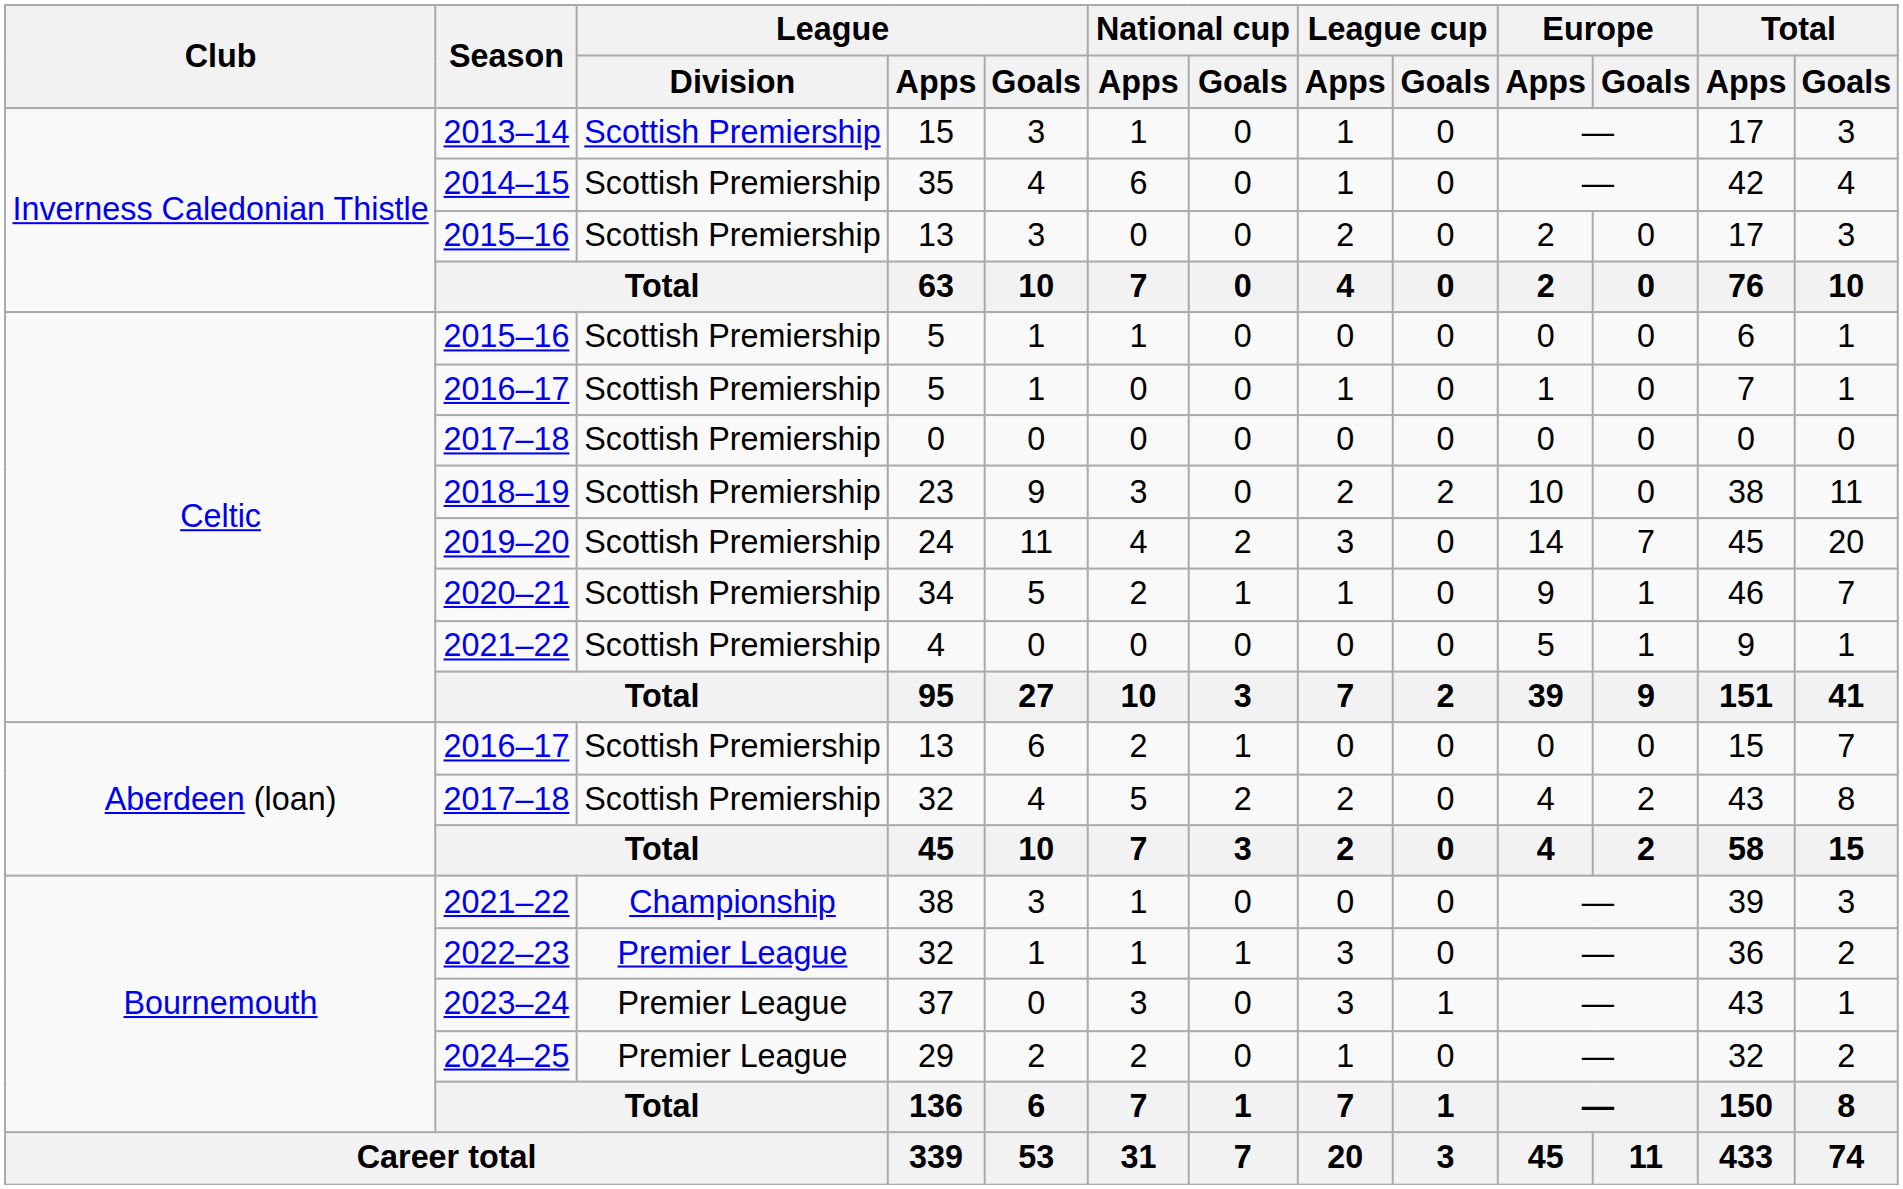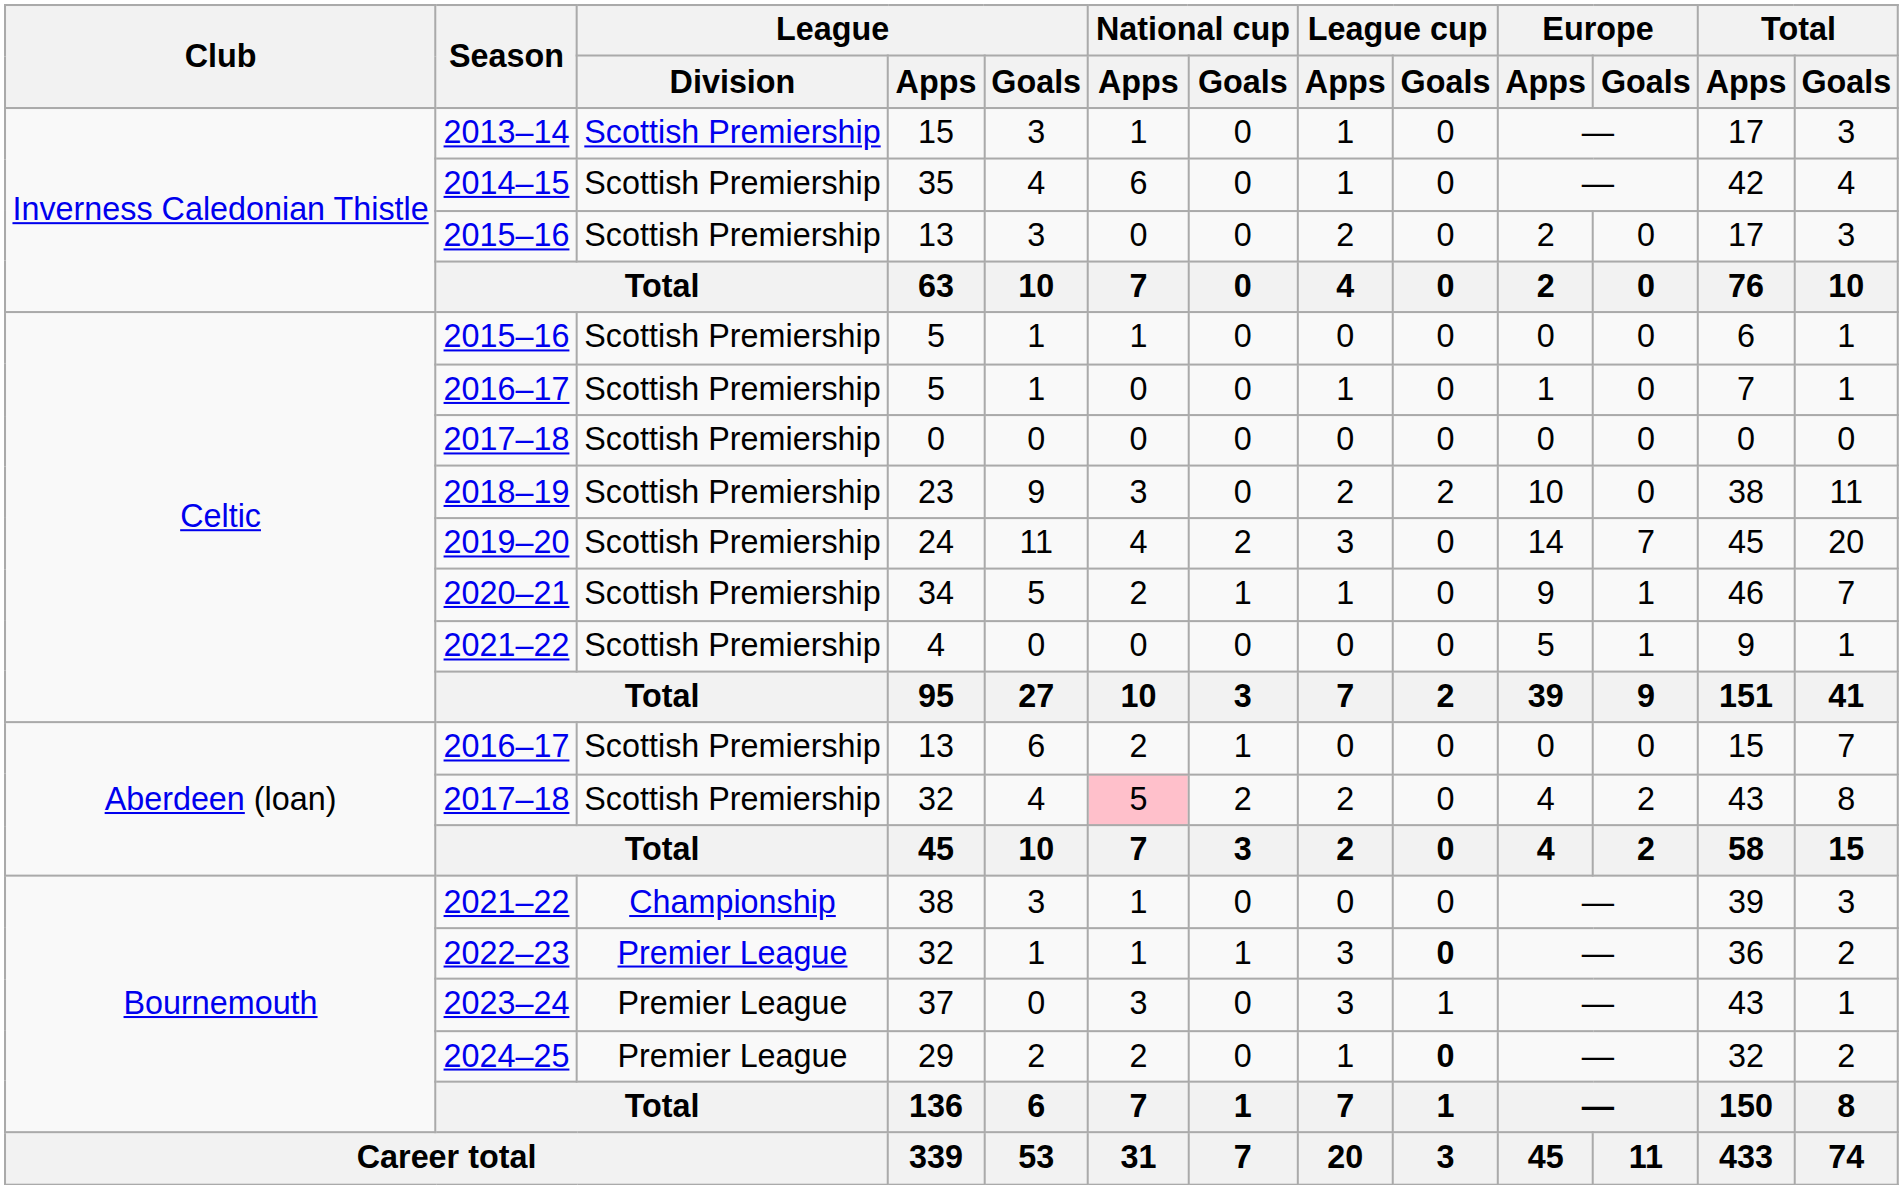 <table class="wikitable" style="text-align: center;">
 <tr>
 <th rowspan="2">Club</th>
 <th rowspan="2">Season</th>
 <th colspan="3">League</th>
 <th colspan="2">National cup</th>
 <th colspan="2">League cup</th>
 <th colspan="2">Europe</th>
 <th colspan="2">Total</th>
 </tr>
 <tr>
 <th>Division</th>
 <th>Apps</th>
 <th>Goals</th>
 <th>Apps</th>
 <th>Goals</th>
 <th>Apps</th>
 <th>Goals</th>
 <th>Apps</th>
 <th>Goals</th>
 <th>Apps</th>
 <th>Goals</th>
 </tr>
 <tr>
 <td rowspan="4"><a href='#'>Inverness Caledonian Thistle</a></td>
 <td><a href='#'>2013–14</a></td>
 <td><a href='#'>Scottish Premiership</a></td>
 <td>15</td>
 <td>3</td>
 <td>1</td>
 <td>0</td>
 <td>1</td>
 <td>0</td>
 <td colspan="2">—</td>
 <td>17</td>
 <td>3</td>
 </tr>
 <tr>
 <td><a href='#'>2014–15</a></td>
 <td>Scottish Premiership</td>
 <td>35</td>
 <td>4</td>
 <td>6</td>
 <td>0</td>
 <td>1</td>
 <td>0</td>
 <td colspan="2">—</td>
 <td>42</td>
 <td>4</td>
 </tr>
 <tr>
 <td><a href='#'>2015–16</a></td>
 <td>Scottish Premiership</td>
 <td>13</td>
 <td>3</td>
 <td>0</td>
 <td>0</td>
 <td>2</td>
 <td>0</td>
 <td>2</td>
 <td>0</td>
 <td>17</td>
 <td>3</td>
 </tr>
 <tr>
 <th colspan="2">Total</th>
 <th>63</th>
 <th>10</th>
 <th>7</th>
 <th>0</th>
 <th>4</th>
 <th>0</th>
 <th>2</th>
 <th>0</th>
 <th>76</th>
 <th>10</th>
 </tr>
 <tr>
 <td rowspan="8"><a href='#'>Celtic</a></td>
 <td><a href='#'>2015–16</a></td>
 <td>Scottish Premiership</td>
 <td>5</td>
 <td>1</td>
 <td>1</td>
 <td>0</td>
 <td>0</td>
 <td>0</td>
 <td>0</td>
 <td>0</td>
 <td>6</td>
 <td>1</td>
 </tr>
 <tr>
 <td><a href='#'>2016–17</a></td>
 <td>Scottish Premiership</td>
 <td>5</td>
 <td>1</td>
 <td>0</td>
 <td>0</td>
 <td>1</td>
 <td>0</td>
 <td>1</td>
 <td>0</td>
 <td>7</td>
 <td>1</td>
 </tr>
 <tr>
 <td><a href='#'>2017–18</a></td>
 <td>Scottish Premiership</td>
 <td>0</td>
 <td>0</td>
 <td>0</td>
 <td>0</td>
 <td>0</td>
 <td>0</td>
 <td>0</td>
 <td>0</td>
 <td>0</td>
 <td>0</td>
 </tr>
 <tr>
 <td><a href='#'>2018–19</a></td>
 <td>Scottish Premiership</td>
 <td>23</td>
 <td>9</td>
 <td>3</td>
 <td>0</td>
 <td>2</td>
 <td>2</td>
 <td>10</td>
 <td>0</td>
 <td>38</td>
 <td>11</td>
 </tr>
 <tr>
 <td><a href='#'>2019–20</a></td>
 <td>Scottish Premiership</td>
 <td>24</td>
 <td>11</td>
 <td>4</td>
 <td>2</td>
 <td>3</td>
 <td>0</td>
 <td>14</td>
 <td>7</td>
 <td>45</td>
 <td>20</td>
 </tr>
 <tr>
 <td><a href='#'>2020–21</a></td>
 <td>Scottish Premiership</td>
 <td>34</td>
 <td>5</td>
 <td>2</td>
 <td>1</td>
 <td>1</td>
 <td>0</td>
 <td>9</td>
 <td>1</td>
 <td>46</td>
 <td>7</td>
 </tr>
 <tr>
 <td><a href='#'>2021–22</a></td>
 <td>Scottish Premiership</td>
 <td>4</td>
 <td>0</td>
 <td>0</td>
 <td>0</td>
 <td>0</td>
 <td>0</td>
 <td>5</td>
 <td>1</td>
 <td>9</td>
 <td>1</td>
 </tr>
 <tr>
 <th colspan="2">Total</th>
 <th>95</th>
 <th>27</th>
 <th>10</th>
 <th>3</th>
 <th>7</th>
 <th>2</th>
 <th>39</th>
 <th>9</th>
 <th>151</th>
 <th>41</th>
 </tr>
 <tr>
 <td rowspan="3"><a href='#'>Aberdeen</a> (loan)</td>
 <td><a href='#'>2016–17</a></td>
 <td>Scottish Premiership</td>
 <td>13</td>
 <td>6</td>
 <td>2</td>
 <td>1</td>
 <td>0</td>
 <td>0</td>
 <td>0</td>
 <td>0</td>
 <td>15</td>
 <td>7</td>
 </tr>
 <tr>
 <td><a href='#'>2017–18</a></td>
 <td>Scottish Premiership</td>
 <td>32</td>
 <td>4</td>
-<td>5</td>
+<td style="background: pink;">5</td>
 <td>2</td>
 <td>2</td>
 <td>0</td>
 <td>4</td>
 <td>2</td>
 <td>43</td>
 <td>8</td>
 </tr>
 <tr>
 <th colspan="2">Total</th>
 <th>45</th>
 <th>10</th>
 <th>7</th>
 <th>3</th>
 <th>2</th>
 <th>0</th>
 <th>4</th>
 <th>2</th>
 <th>58</th>
 <th>15</th>
 </tr>
 <tr>
 <td rowspan="5"><a href='#'>Bournemouth</a></td>
 <td><a href='#'>2021–22</a></td>
 <td><a href='#'>Championship</a></td>
 <td>38</td>
 <td>3</td>
 <td>1</td>
 <td>0</td>
 <td>0</td>
 <td>0</td>
 <td colspan="2">—</td>
 <td>39</td>
 <td>3</td>
 </tr>
 <tr>
 <td><a href='#'>2022–23</a></td>
 <td><a href='#'>Premier League</a></td>
 <td>32</td>
 <td>1</td>
 <td>1</td>
 <td>1</td>
 <td>3</td>
-<td>0</td>
+<td><strong>0</strong></td>
 <td colspan="2">—</td>
 <td>36</td>
 <td>2</td>
 </tr>
 <tr>
 <td><a href='#'>2023–24</a></td>
 <td>Premier League</td>
 <td>37</td>
 <td>0</td>
 <td>3</td>
 <td>0</td>
 <td>3</td>
 <td>1</td>
 <td colspan="2">—</td>
 <td>43</td>
 <td>1</td>
 </tr>
 <tr>
 <td><a href='#'>2024–25</a></td>
 <td>Premier League</td>
 <td>29</td>
 <td>2</td>
 <td>2</td>
 <td>0</td>
 <td>1</td>
-<td>0</td>
+<td><strong>0</strong></td>
 <td colspan="2">—</td>
 <td>32</td>
 <td>2</td>
 </tr>
 <tr>
 <th colspan="2">Total</th>
 <th>136</th>
 <th>6</th>
 <th>7</th>
 <th>1</th>
 <th>7</th>
 <th>1</th>
 <th colspan="2">—</th>
 <th>150</th>
 <th>8</th>
 </tr>
 <tr>
 <th colspan="3">Career total</th>
 <th>339</th>
 <th>53</th>
 <th>31</th>
 <th>7</th>
 <th>20</th>
 <th>3</th>
 <th>45</th>
 <th>11</th>
 <th>433</th>
 <th>74</th>
 </tr>
 </table>
